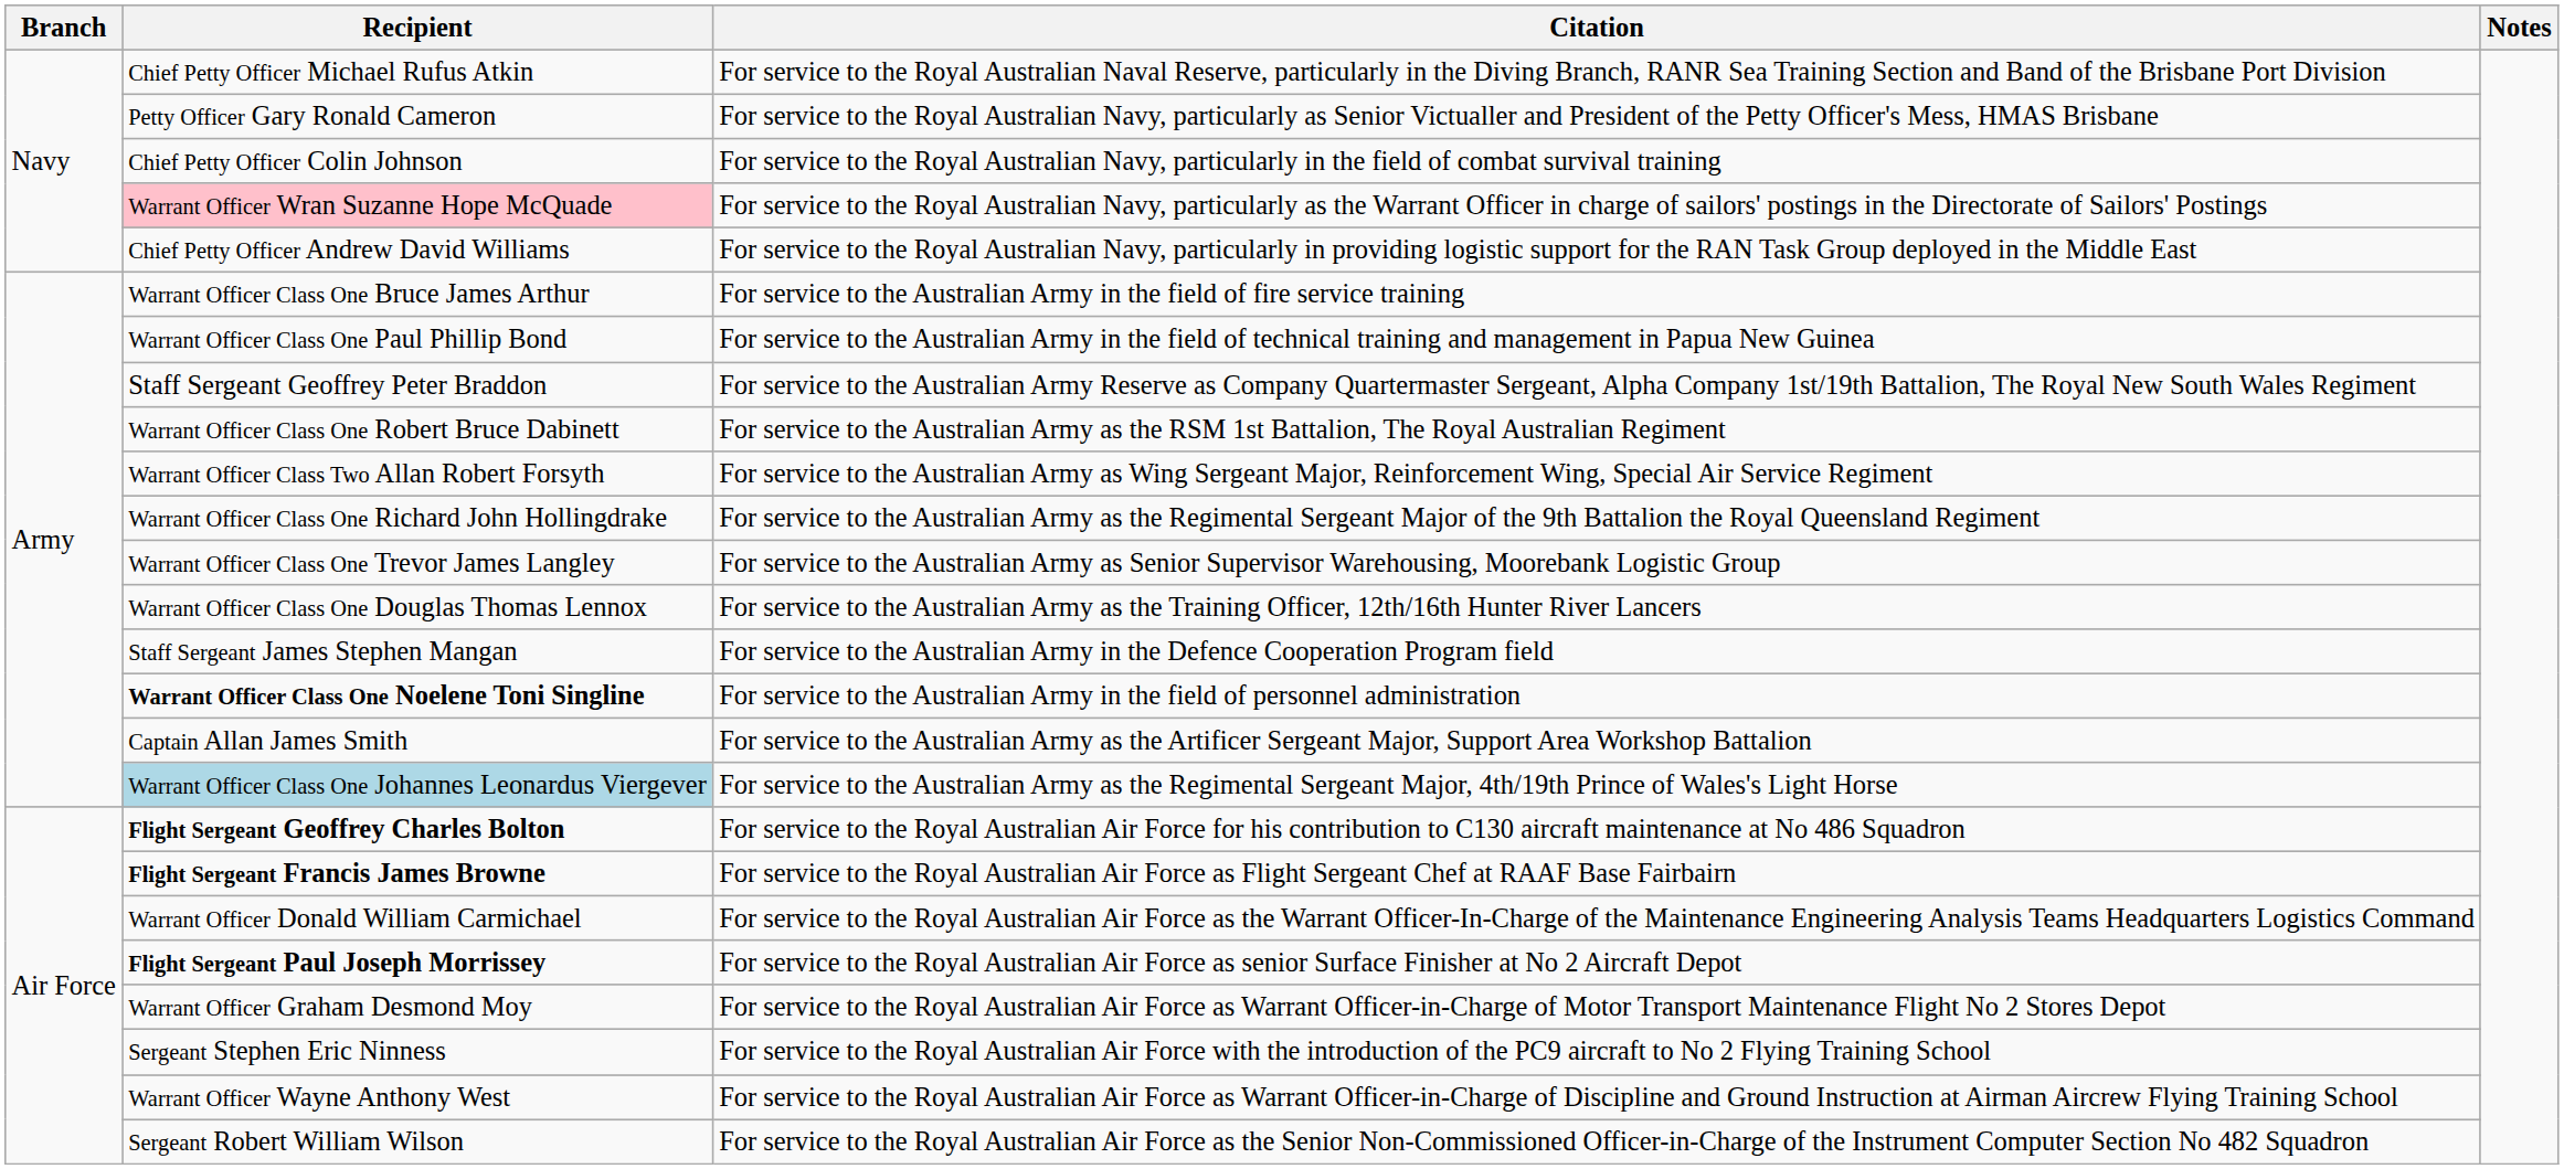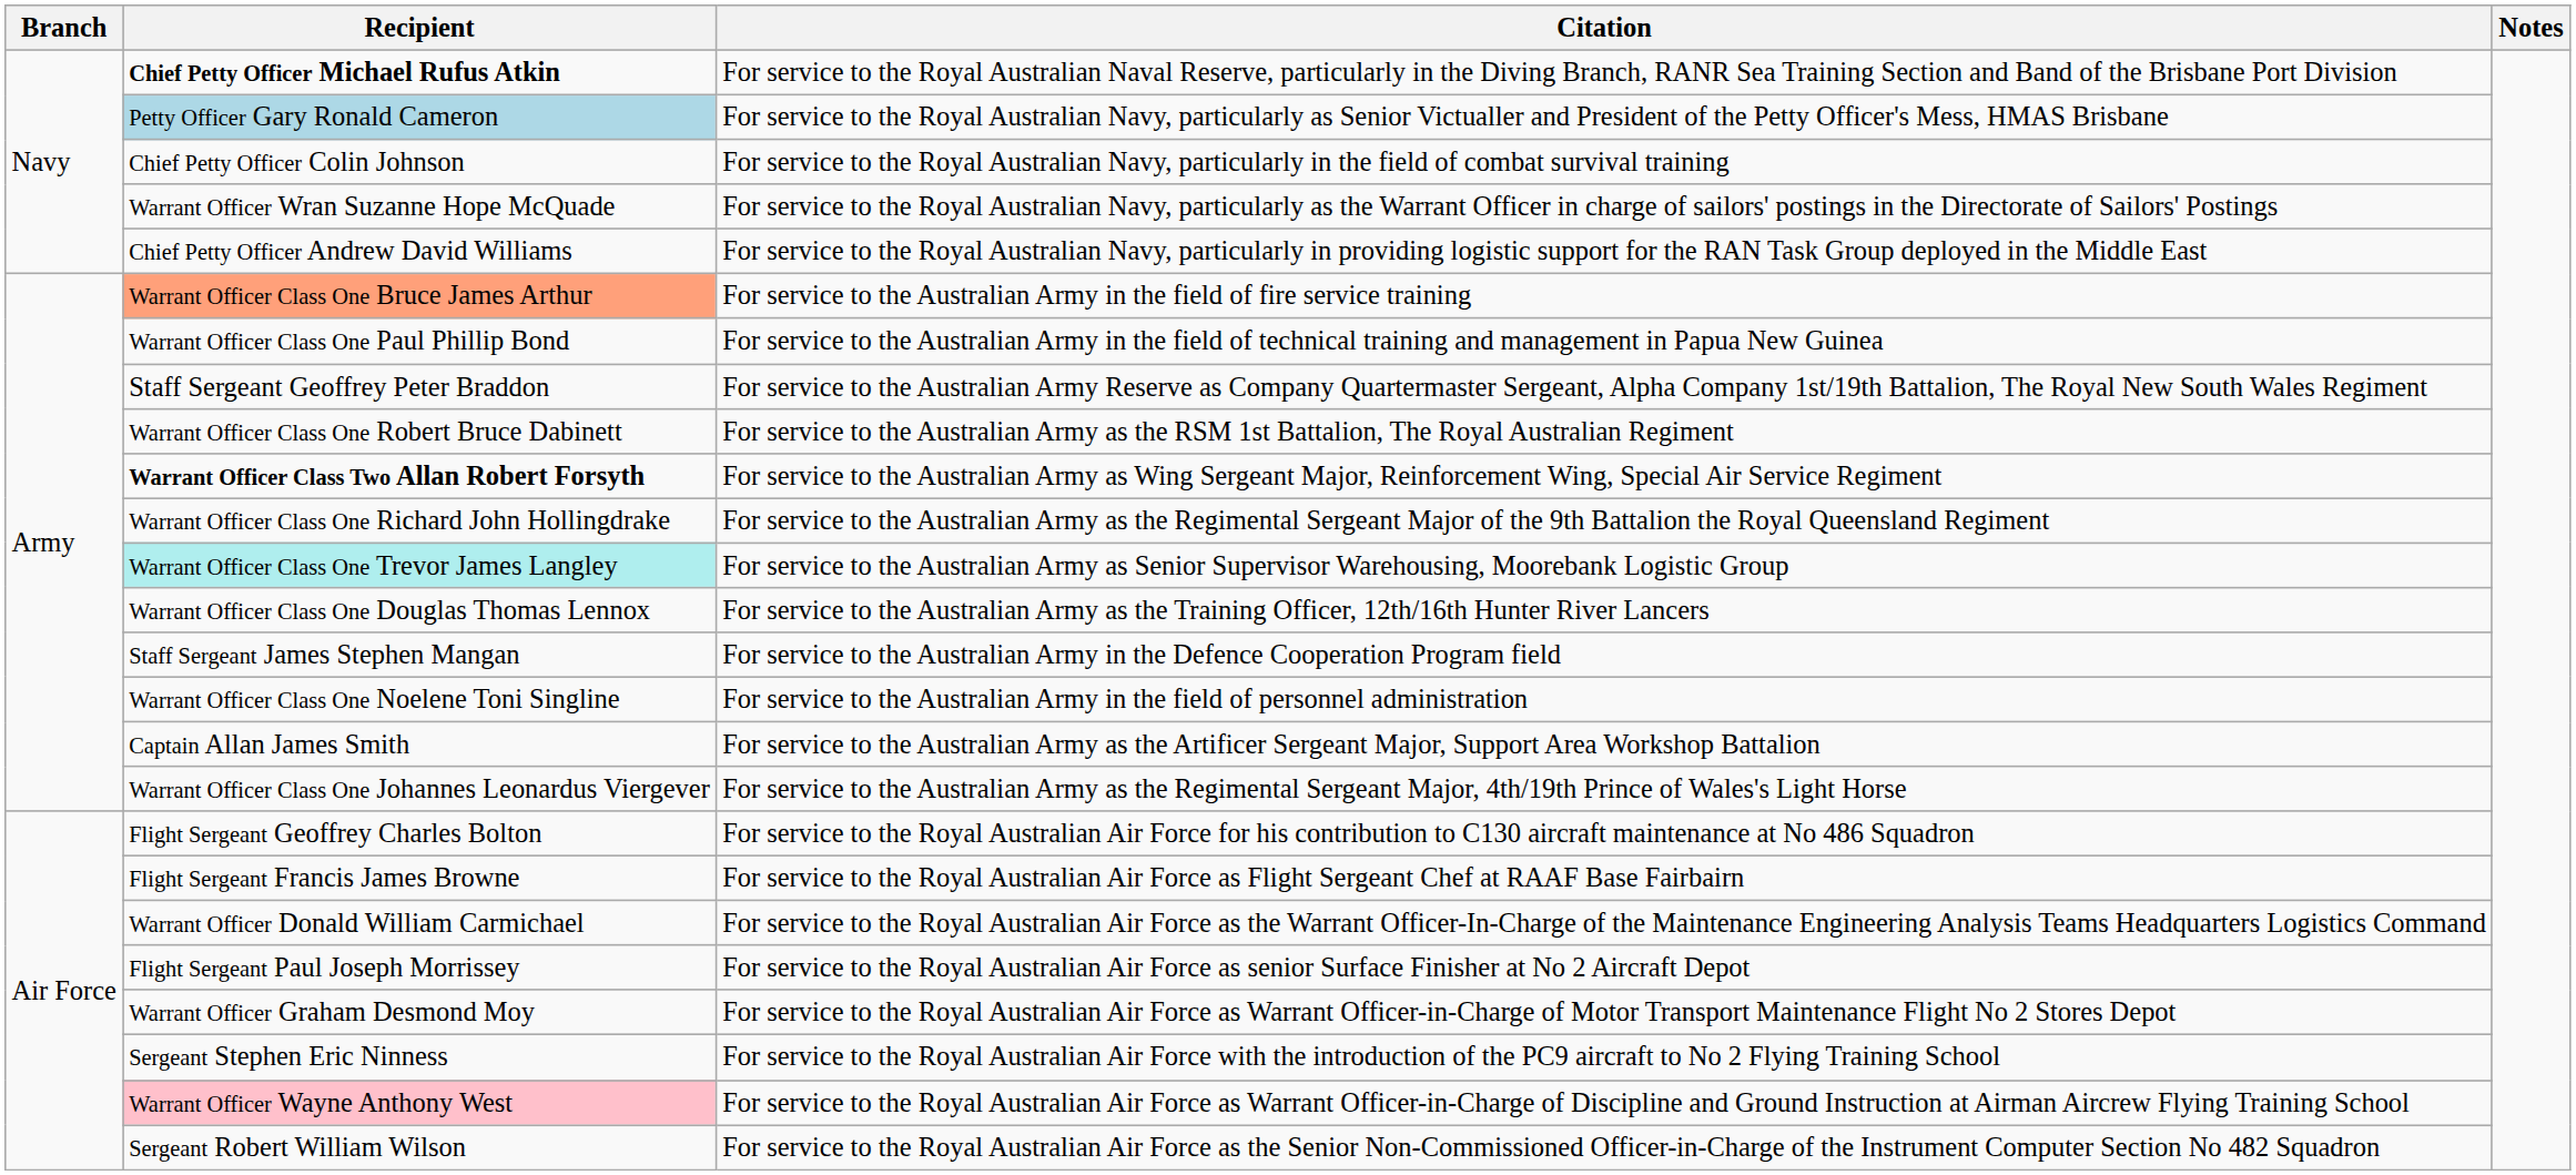 <table class="wikitable" style="font-size:95%;">
 <tr>
 <th>Branch</th>
 <th>Recipient</th>
 <th>Citation</th>
 <th>Notes</th>
 </tr>
 <tr>
 <td rowspan="5">Navy</td>
-<td><small>Chief Petty Officer</small> Michael Rufus Atkin</td>
+<td><strong><small>Chief Petty Officer</small> Michael Rufus Atkin</strong></td>
 <td>For service to the Royal Australian Naval Reserve, particularly in the Diving Branch, RANR Sea Training Section and Band of the Brisbane Port Division</td>
 <td rowspan="25"></td>
 </tr>
 <tr>
-<td><small>Petty Officer</small> Gary Ronald Cameron</td>
+<td style="background: lightblue;"><small>Petty Officer</small> Gary Ronald Cameron</td>
 <td>For service to the Royal Australian Navy, particularly as Senior Victualler and President of the Petty Officer's Mess, HMAS Brisbane</td>
 </tr>
 <tr>
 <td><small>Chief Petty Officer</small> Colin Johnson</td>
 <td>For service to the Royal Australian Navy, particularly in the field of combat survival training</td>
 </tr>
 <tr>
-<td style="background: pink;"><small>Warrant Officer</small> Wran Suzanne Hope McQuade</td>
+<td><small>Warrant Officer</small> Wran Suzanne Hope McQuade</td>
 <td>For service to the Royal Australian Navy, particularly as the Warrant Officer in charge of sailors' postings in the Directorate of Sailors' Postings</td>
 </tr>
 <tr>
 <td><small>Chief Petty Officer</small> Andrew David Williams</td>
 <td>For service to the Royal Australian Navy, particularly in providing logistic support for the RAN Task Group deployed in the Middle East</td>
 </tr>
 <tr>
 <td rowspan="12">Army</td>
-<td><small>Warrant Officer Class One</small> Bruce James Arthur</td>
+<td style="background: lightsalmon;"><small>Warrant Officer Class One</small> Bruce James Arthur</td>
 <td>For service to the Australian Army in the field of fire service training</td>
 </tr>
 <tr>
 <td><small>Warrant Officer Class One</small> Paul Phillip Bond</td>
 <td>For service to the Australian Army in the field of technical training and management in Papua New Guinea</td>
 </tr>
 <tr>
 <td>Staff Sergeant Geoffrey Peter Braddon</td>
 <td>For service to the Australian Army Reserve as Company Quartermaster Sergeant, Alpha Company 1st/19th Battalion, The Royal New South Wales Regiment</td>
 </tr>
 <tr>
 <td><small>Warrant Officer Class One</small> Robert Bruce Dabinett</td>
 <td>For service to the Australian Army as the RSM 1st Battalion, The Royal Australian Regiment</td>
 </tr>
 <tr>
-<td><small>Warrant Officer Class Two</small> Allan Robert Forsyth</td>
+<td><strong><small>Warrant Officer Class Two</small> Allan Robert Forsyth</strong></td>
 <td>For service to the Australian Army as Wing Sergeant Major, Reinforcement Wing, Special Air Service Regiment</td>
 </tr>
 <tr>
 <td><small>Warrant Officer Class One</small> Richard John Hollingdrake</td>
 <td>For service to the Australian Army as the Regimental Sergeant Major of the 9th Battalion the Royal Queensland Regiment</td>
 </tr>
 <tr>
-<td><small>Warrant Officer Class One</small> Trevor James Langley</td>
+<td style="background: paleturquoise;"><small>Warrant Officer Class One</small> Trevor James Langley</td>
 <td>For service to the Australian Army as Senior Supervisor Warehousing, Moorebank Logistic Group</td>
 </tr>
 <tr>
 <td><small>Warrant Officer Class One</small> Douglas Thomas Lennox</td>
 <td>For service to the Australian Army as the Training Officer, 12th/16th Hunter River Lancers</td>
 </tr>
 <tr>
 <td><small>Staff Sergeant</small> James Stephen Mangan</td>
 <td>For service to the Australian Army in the Defence Cooperation Program field</td>
 </tr>
 <tr>
-<td><strong><small>Warrant Officer Class One</small> Noelene Toni Singline</strong></td>
+<td><small>Warrant Officer Class One</small> Noelene Toni Singline</td>
 <td>For service to the Australian Army in the field of personnel administration</td>
 </tr>
 <tr>
 <td><small>Captain</small> Allan James Smith</td>
 <td>For service to the Australian Army as the Artificer Sergeant Major, Support Area Workshop Battalion</td>
 </tr>
 <tr>
-<td style="background: lightblue;"><small>Warrant Officer Class One</small> Johannes Leonardus Viergever</td>
+<td><small>Warrant Officer Class One</small> Johannes Leonardus Viergever</td>
 <td>For service to the Australian Army as the Regimental Sergeant Major, 4th/19th Prince of Wales's Light Horse</td>
 </tr>
 <tr>
 <td rowspan="8">Air Force</td>
-<td><strong><small>Flight Sergeant</small> Geoffrey Charles Bolton</strong></td>
+<td><small>Flight Sergeant</small> Geoffrey Charles Bolton</td>
 <td>For service to the Royal Australian Air Force for his contribution to C130 aircraft maintenance at No 486 Squadron</td>
 </tr>
 <tr>
-<td><strong><small>Flight Sergeant</small> Francis James Browne</strong></td>
+<td><small>Flight Sergeant</small> Francis James Browne</td>
 <td>For service to the Royal Australian Air Force as Flight Sergeant Chef at RAAF Base Fairbairn</td>
 </tr>
 <tr>
 <td><small>Warrant Officer</small> Donald William Carmichael</td>
 <td>For service to the Royal Australian Air Force as the Warrant Officer-In-Charge of the Maintenance Engineering Analysis Teams Headquarters Logistics Command</td>
 </tr>
 <tr>
-<td><strong><small>Flight Sergeant</small> Paul Joseph Morrissey</strong></td>
+<td><small>Flight Sergeant</small> Paul Joseph Morrissey</td>
 <td>For service to the Royal Australian Air Force as senior Surface Finisher at No 2 Aircraft Depot</td>
 </tr>
 <tr>
 <td><small>Warrant Officer</small> Graham Desmond Moy</td>
 <td>For service to the Royal Australian Air Force as Warrant Officer-in-Charge of Motor Transport Maintenance Flight No 2 Stores Depot</td>
 </tr>
 <tr>
 <td><small>Sergeant</small> Stephen Eric Ninness</td>
 <td>For service to the Royal Australian Air Force with the introduction of the PC9 aircraft to No 2 Flying Training School</td>
 </tr>
 <tr>
-<td><small>Warrant Officer</small> Wayne Anthony West</td>
+<td style="background: pink;"><small>Warrant Officer</small> Wayne Anthony West</td>
 <td>For service to the Royal Australian Air Force as Warrant Officer-in-Charge of Discipline and Ground Instruction at Airman Aircrew Flying Training School</td>
 </tr>
 <tr>
 <td><small>Sergeant</small> Robert William Wilson</td>
 <td>For service to the Royal Australian Air Force as the Senior Non-Commissioned Officer-in-Charge of the Instrument Computer Section No 482 Squadron</td>
 </tr>
 </table>
